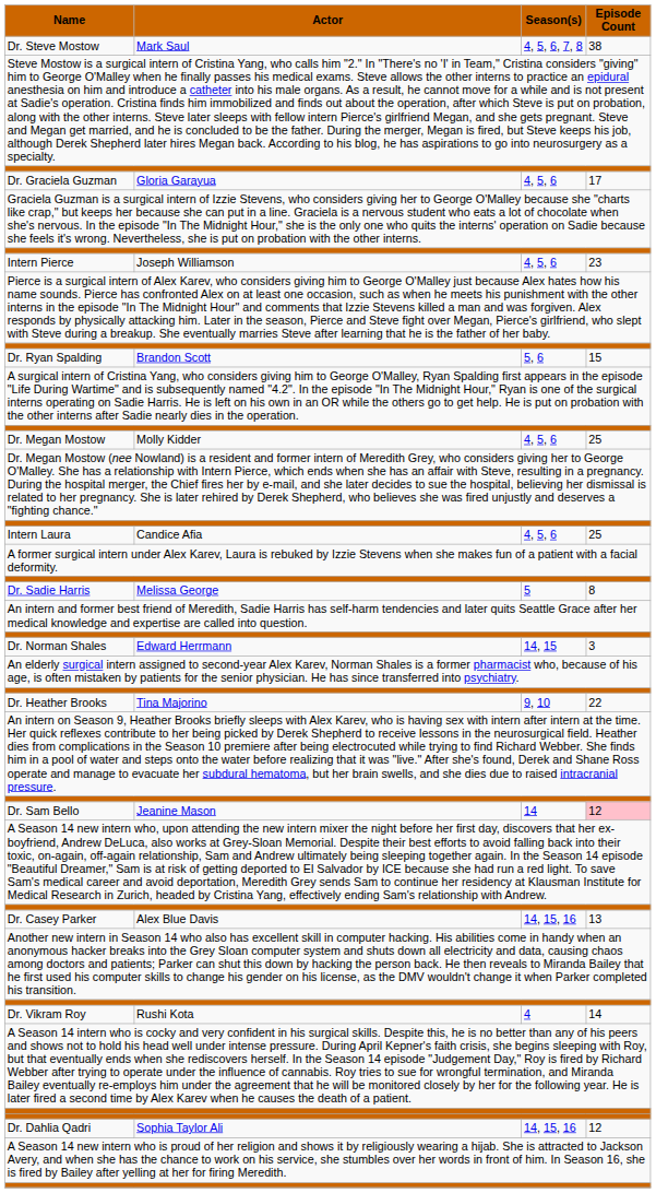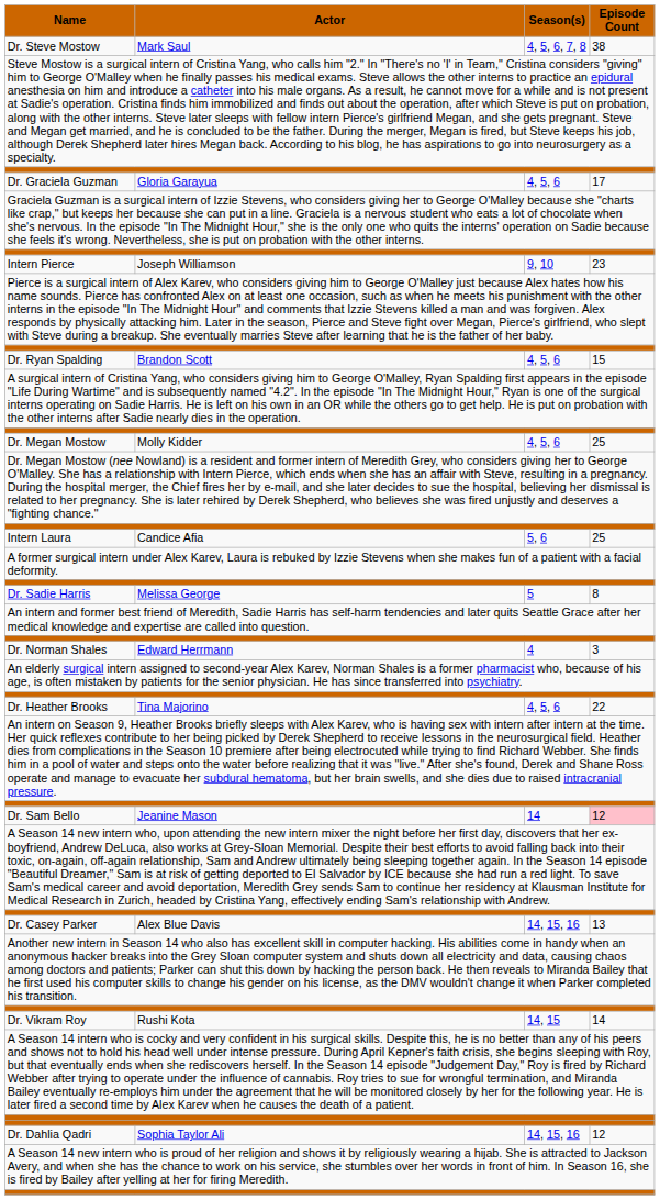 <table class="wikitable" style="width:100%; margin-right:auto;">
 <tr>
 <th style="background-color:#CC6600; width:20%">Name</th>
 <th style="background-color:#CC6600; width:60%">Actor</th>
 <th style="background-color:#CC6600; width:10%">Season(s)</th>
 <th style="background-color:#CC6600; width:10%">Episode Count</th>
 </tr>
 <tr>
 <td>Dr. Steve Mostow</td>
 <td><a href='#'>Mark Saul</a></td>
 <td><a href='#'>4</a>, <a href='#'>5</a>, <a href='#'>6</a>, <a href='#'>7</a>, <a href='#'>8</a></td>
 <td>38</td>
 </tr>
 <tr>
 <td colspan="5">Steve Mostow is a surgical intern of Cristina Yang, who calls him "2." In "There's no 'I' in Team," Cristina considers "giving" him to George O'Malley when he finally passes his medical exams. Steve allows the other interns to practice an <a href='#'>epidural</a> anesthesia on him and introduce a <a href='#'>catheter</a> into his male organs. As a result, he cannot move for a while and is not present at Sadie's operation. Cristina finds him immobilized and finds out about the operation, after which Steve is put on probation, along with the other interns. Steve later sleeps with fellow intern Pierce's girlfriend Megan, and she gets pregnant. Steve and Megan get married, and he is concluded to be the father. During the merger, Megan is fired, but Steve keeps his job, although Derek Shepherd later hires Megan back. According to his blog, he has aspirations to go into neurosurgery as a specialty.</td>
 </tr>
 <tr>
 <td colspan="5" bgcolor="#CC6600"></td>
 </tr>
 <tr>
 <td>Dr. Graciela Guzman</td>
 <td><a href='#'>Gloria Garayua</a></td>
 <td><a href='#'>4</a>, <a href='#'>5</a>, <a href='#'>6</a></td>
 <td>17</td>
 </tr>
 <tr>
 <td colspan="5">Graciela Guzman is a surgical intern of Izzie Stevens, who considers giving her to George O'Malley because she "charts like crap," but keeps her because she can put in a line. Graciela is a nervous student who eats a lot of chocolate when she's nervous. In the episode "In The Midnight Hour," she is the only one who quits the interns' operation on Sadie because she feels it's wrong. Nevertheless, she is put on probation with the other interns.</td>
 </tr>
 <tr>
 <td colspan="5" bgcolor="#CC6600"></td>
 </tr>
 <tr>
 <td>Intern Pierce</td>
 <td>Joseph Williamson</td>
-<td><a href='#'>4</a>, <a href='#'>5</a>, <a href='#'>6</a></td>
+<td><a href='#'>9</a>, <a href='#'>10</a></td>
 <td>23</td>
 </tr>
 <tr>
 <td colspan="5">Pierce is a surgical intern of Alex Karev, who considers giving him to George O'Malley just because Alex hates how his name sounds. Pierce has confronted Alex on at least one occasion, such as when he meets his punishment with the other interns in the episode "In The Midnight Hour" and comments that Izzie Stevens killed a man and was forgiven. Alex responds by physically attacking him. Later in the season, Pierce and Steve fight over Megan, Pierce's girlfriend, who slept with Steve during a breakup. She eventually marries Steve after learning that he is the father of her baby.</td>
 </tr>
 <tr>
 <td colspan="5" bgcolor="#CC6600"></td>
 </tr>
 <tr>
 <td>Dr. Ryan Spalding</td>
 <td><a href='#'>Brandon Scott</a></td>
-<td><a href='#'>5</a>, <a href='#'>6</a></td>
+<td><a href='#'>4</a>, <a href='#'>5</a>, <a href='#'>6</a></td>
 <td>15</td>
 </tr>
 <tr>
 <td colspan="5">A surgical intern of Cristina Yang, who considers giving him to George O'Malley, Ryan Spalding first appears in the episode "Life During Wartime" and is subsequently named "4.2". In the episode "In The Midnight Hour," Ryan is one of the surgical interns operating on Sadie Harris. He is left on his own in an OR while the others go to get help. He is put on probation with the other interns after Sadie nearly dies in the operation.</td>
 </tr>
 <tr>
 <td colspan="5" bgcolor="#CC6600"></td>
 </tr>
 <tr>
 <td>Dr. Megan Mostow</td>
 <td>Molly Kidder</td>
 <td><a href='#'>4</a>, <a href='#'>5</a>, <a href='#'>6</a></td>
 <td>25</td>
 </tr>
 <tr>
 <td colspan="5">Dr. Megan Mostow (<em>nee</em> Nowland) is a resident and former intern of Meredith Grey, who considers giving her to George O'Malley. She has a relationship with Intern Pierce, which ends when she has an affair with Steve, resulting in a pregnancy. During the hospital merger, the Chief fires her by e-mail, and she later decides to sue the hospital, believing her dismissal is related to her pregnancy. She is later rehired by Derek Shepherd, who believes she was fired unjustly and deserves a "fighting chance."</td>
 </tr>
 <tr>
 <td colspan="5" bgcolor="#CC6600"></td>
 </tr>
 <tr>
 <td>Intern Laura</td>
 <td>Candice Afia</td>
-<td><a href='#'>4</a>, <a href='#'>5</a>, <a href='#'>6</a></td>
+<td><a href='#'>5</a>, <a href='#'>6</a></td>
 <td>25</td>
 </tr>
 <tr>
 <td colspan="5">A former surgical intern under Alex Karev, Laura is rebuked by Izzie Stevens when she makes fun of a patient with a facial deformity.</td>
 </tr>
 <tr>
 <td colspan="5" bgcolor="#CC6600"></td>
 </tr>
 <tr>
 <td><a href='#'>Dr. Sadie Harris</a></td>
 <td><a href='#'>Melissa George</a></td>
 <td><a href='#'>5</a></td>
 <td>8</td>
 </tr>
 <tr>
 <td colspan="5">An intern and former best friend of Meredith, Sadie Harris has self-harm tendencies and later quits Seattle Grace after her medical knowledge and expertise are called into question.</td>
 </tr>
 <tr>
 <td colspan="5" bgcolor="#CC6600"></td>
 </tr>
 <tr>
 <td>Dr. Norman Shales</td>
 <td><a href='#'>Edward Herrmann</a></td>
-<td><a href='#'>14</a>, <a href='#'>15</a></td>
+<td><a href='#'>4</a></td>
 <td>3</td>
 </tr>
 <tr>
 <td colspan="5">An elderly <a href='#'>surgical</a> intern assigned to second-year Alex Karev, Norman Shales is a former <a href='#'>pharmacist</a> who, because of his age, is often mistaken by patients for the senior physician. He has since transferred into <a href='#'>psychiatry</a>.</td>
 </tr>
 <tr>
 <td colspan="5" bgcolor="#CC6600"></td>
 </tr>
 <tr>
 <td>Dr. Heather Brooks</td>
 <td><a href='#'>Tina Majorino</a></td>
-<td><a href='#'>9</a>, <a href='#'>10</a></td>
+<td><a href='#'>4</a>, <a href='#'>5</a>, <a href='#'>6</a></td>
 <td>22</td>
 </tr>
 <tr>
 <td colspan="5">An intern on Season 9, Heather Brooks briefly sleeps with Alex Karev, who is having sex with intern after intern at the time. Her quick reflexes contribute to her being picked by Derek Shepherd to receive lessons in the neurosurgical field. Heather dies from complications in the Season 10 premiere after being electrocuted while trying to find Richard Webber. She finds him in a pool of water and steps onto the water before realizing that it was "live." After she's found, Derek and Shane Ross operate and manage to evacuate her <a href='#'>subdural hematoma</a>, but her brain swells, and she dies due to raised <a href='#'>intracranial pressure</a>.</td>
 </tr>
 <tr>
 <td colspan="5" bgcolor="#CC6600"></td>
 </tr>
 <tr>
 <td>Dr. Sam Bello</td>
 <td><a href='#'>Jeanine Mason</a></td>
 <td><a href='#'>14</a></td>
 <td style="background: pink;">12</td>
 </tr>
 <tr>
 <td colspan="5">A Season 14 new intern who, upon attending the new intern mixer the night before her first day, discovers that her ex-boyfriend, Andrew DeLuca, also works at Grey-Sloan Memorial. Despite their best efforts to avoid falling back into their toxic, on-again, off-again relationship, Sam and Andrew ultimately being sleeping together again. In the Season 14 episode "Beautiful Dreamer," Sam is at risk of getting deported to El Salvador by ICE because she had run a red light. To save Sam's medical career and avoid deportation, Meredith Grey sends Sam to continue her residency at Klausman Institute for Medical Research in Zurich, headed by Cristina Yang, effectively ending Sam's relationship with Andrew.</td>
 </tr>
 <tr>
 <td colspan="5" bgcolor="#CC6600"></td>
 </tr>
 <tr>
 <td>Dr. Casey Parker</td>
 <td>Alex Blue Davis</td>
 <td><a href='#'>14</a>, <a href='#'>15</a>, <a href='#'>16</a></td>
 <td>13</td>
 </tr>
 <tr>
 <td colspan="5">Another new intern in Season 14 who also has excellent skill in computer hacking. His abilities come in handy when an anonymous hacker breaks into the Grey Sloan computer system and shuts down all electricity and data, causing chaos among doctors and patients; Parker can shut this down by hacking the person back. He then reveals to Miranda Bailey that he first used his computer skills to change his gender on his license, as the DMV wouldn't change it when Parker completed his transition.</td>
 </tr>
 <tr>
 <td colspan="5" bgcolor="#CC6600"></td>
 </tr>
 <tr>
 <td>Dr. Vikram Roy</td>
 <td>Rushi Kota</td>
-<td><a href='#'>4</a></td>
+<td><a href='#'>14</a>, <a href='#'>15</a></td>
 <td>14</td>
 </tr>
 <tr>
 <td colspan="5">A Season 14 intern who is cocky and very confident in his surgical skills. Despite this, he is no better than any of his peers and shows not to hold his head well under intense pressure. During April Kepner's faith crisis, she begins sleeping with Roy, but that eventually ends when she rediscovers herself. In the Season 14 episode "Judgement Day," Roy is fired by Richard Webber after trying to operate under the influence of cannabis. Roy tries to sue for wrongful termination, and Miranda Bailey eventually re-employs him under the agreement that he will be monitored closely by her for the following year. He is later fired a second time by Alex Karev when he causes the death of a patient.</td>
 </tr>
 <tr>
 <td colspan="5" bgcolor="#CC6600"></td>
 </tr>
 <tr>
 <td colspan="5" bgcolor="#CC6600"></td>
 </tr>
 <tr>
 <td>Dr. Dahlia Qadri</td>
 <td><a href='#'>Sophia Taylor Ali</a></td>
 <td><a href='#'>14</a>, <a href='#'>15</a>, <a href='#'>16</a></td>
 <td>12</td>
 </tr>
 <tr>
 <td colspan="5">A Season 14 new intern who is proud of her religion and shows it by religiously wearing a hijab. She is attracted to Jackson Avery, and when she has the chance to work on his service, she stumbles over her words in front of him. In Season 16, she is fired by Bailey after yelling at her for firing Meredith.</td>
 </tr>
 <tr>
 <td colspan="5" bgcolor="#CC6600"></td>
 </tr>
 <tr>
 </tr>
 </table>
